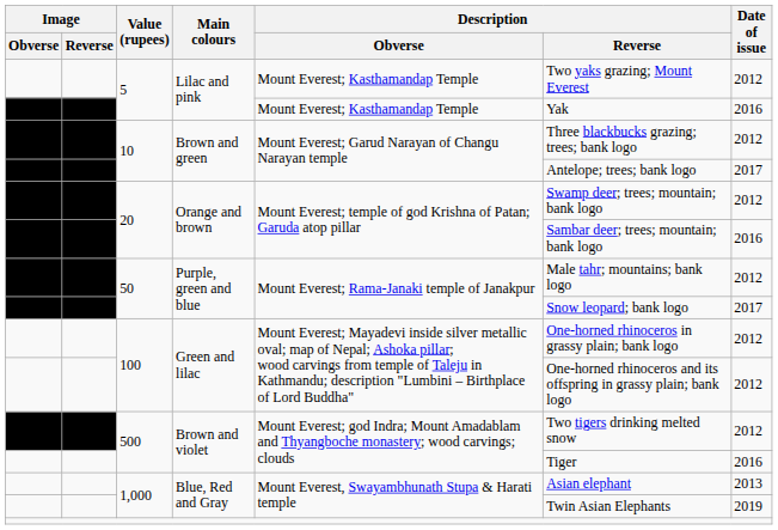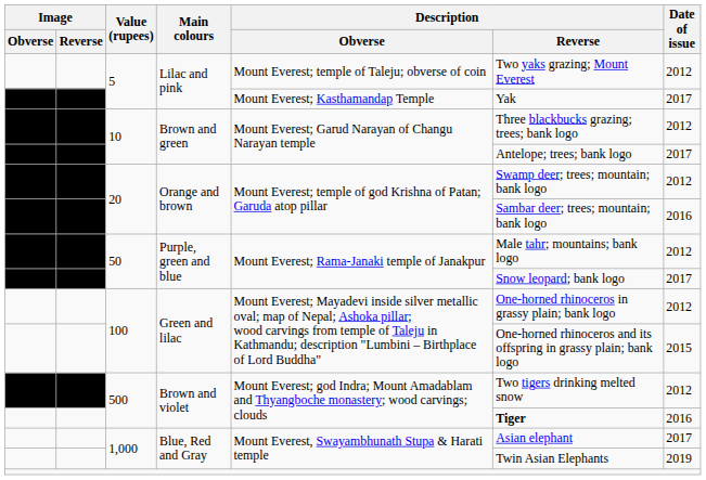 <table class="wikitable">
 <tr>
 <th colspan="2">Image</th>
 <th rowspan="2">Value<br>(rupees)</th>
 <th rowspan="2">Main colours</th>
 <th colspan="2">Description</th>
 <th rowspan="2">Date of<br>issue</th>
 </tr>
 <tr>
 <th>Obverse</th>
 <th>Reverse</th>
 <th>Obverse</th>
 <th>Reverse</th>
 </tr>
 <tr>
 <td></td>
 <td></td>
 <td rowspan=2>5</td>
 <td rowspan=2>Lilac and pink</td>
-<td>Mount Everest; <a href='#'>Kasthamandap</a> Temple</td>
+<td>Mount Everest; temple of Taleju; obverse of coin</td>
 <td>Two <a href='#'>yaks</a> grazing; <a href='#'>Mount Everest</a></td>
 <td>2012</td>
 </tr>
 <tr>
 <td style="text-align:center; background:#000;"></td>
 <td style="text-align:center; background:#000;"></td>
 <td>Mount Everest; <a href='#'>Kasthamandap</a> Temple</td>
 <td>Yak</td>
-<td>2016</td>
+<td>2017</td>
 </tr>
 <tr>
 <td style="text-align:center; background:#000;"></td>
 <td style="text-align:center; background:#000;"></td>
 <td rowspan=2>10</td>
 <td rowspan=2>Brown and green</td>
 <td rowspan=2>Mount Everest; Garud Narayan of Changu Narayan temple</td>
 <td>Three <a href='#'>blackbucks</a> grazing; trees; bank logo</td>
 <td>2012</td>
 </tr>
 <tr>
 <td style="text-align:center; background:#000;"></td>
 <td style="text-align:center; background:#000;"></td>
 <td>Antelope; trees; bank logo</td>
 <td>2017</td>
 </tr>
 <tr>
 <td style="text-align:center; background:#000;"></td>
 <td style="text-align:center; background:#000;"></td>
 <td rowspan=2>20</td>
 <td rowspan=2>Orange and brown</td>
 <td rowspan=2>Mount Everest; temple of god Krishna of Patan; <a href='#'>Garuda</a> atop pillar</td>
 <td><a href='#'>Swamp deer</a>; trees; mountain; bank logo</td>
 <td>2012</td>
 </tr>
 <tr>
 <td style="text-align:center; background:#000;"></td>
 <td style="text-align:center; background:#000;"></td>
 <td><a href='#'>Sambar deer</a>; trees; mountain; bank logo</td>
 <td>2016</td>
 </tr>
 <tr>
 <td style="text-align:center; background:#000;"></td>
 <td style="text-align:center; background:#000;"></td>
 <td rowspan=2>50</td>
 <td rowspan=2>Purple, green and blue</td>
 <td rowspan=2>Mount Everest; <a href='#'>Rama-Janaki</a> temple of Janakpur</td>
 <td>Male <a href='#'>tahr</a>; mountains; bank logo</td>
 <td>2012</td>
 </tr>
 <tr>
 <td style="text-align:center; background:#000;"></td>
 <td style="text-align:center; background:#000;"></td>
 <td><a href='#'>Snow leopard</a>; bank logo</td>
 <td>2017</td>
 </tr>
 <tr>
 <td style="text-align:center; background:#"></td>
 <td style="text-align:center; background:#"></td>
 <td rowspan=2>100</td>
 <td rowspan=2>Green and lilac</td>
 <td rowspan=2>Mount Everest; Mayadevi inside silver metallic oval; map of Nepal; <a href='#'>Ashoka pillar</a>;<br>wood carvings from temple of <a href='#'>Taleju</a> in Kathmandu; description "Lumbini – Birthplace of Lord Buddha"</td>
 <td><a href='#'>One-horned rhinoceros</a> in grassy plain; bank logo</td>
 <td>2012</td>
 </tr>
 <tr>
 <td style="text-align:center; background:#"></td>
 <td style="text-align:center; background:#"></td>
 <td>One-horned rhinoceros and its offspring in grassy plain; bank logo</td>
-<td>2012</td>
+<td>2015</td>
 </tr>
 <tr>
 <td style="text-align:center; background:#000;"></td>
 <td style="text-align:center; background:#000;"></td>
 <td rowspan=2>500</td>
 <td rowspan=2>Brown and violet</td>
 <td rowspan=2>Mount Everest; god Indra; Mount Amadablam and <a href='#'>Thyangboche monastery</a>; wood carvings; clouds</td>
 <td>Two <a href='#'>tigers</a> drinking melted snow</td>
 <td>2012</td>
 </tr>
 <tr>
 <td></td>
 <td></td>
-<td>Tiger</td>
+<td><strong>Tiger</strong></td>
 <td>2016</td>
 </tr>
 <tr>
 <td style="text-align:center;"></td>
 <td style="text-align:center;"></td>
 <td rowspan=2>1,000</td>
 <td rowspan=2>Blue, Red and Gray</td>
 <td rowspan=2>Mount Everest, <a href='#'>Swayambhunath Stupa</a> & Harati temple</td>
 <td><a href='#'>Asian elephant</a></td>
-<td>2013</td>
+<td>2017</td>
 </tr>
 <tr>
 <td style="text-align:center;"></td>
 <td style="text-align:center;"></td>
 <td>Twin Asian Elephants</td>
 <td>2019</td>
 </tr>
 <tr>
 <td colspan="7"></td>
 </tr>
 </table>
